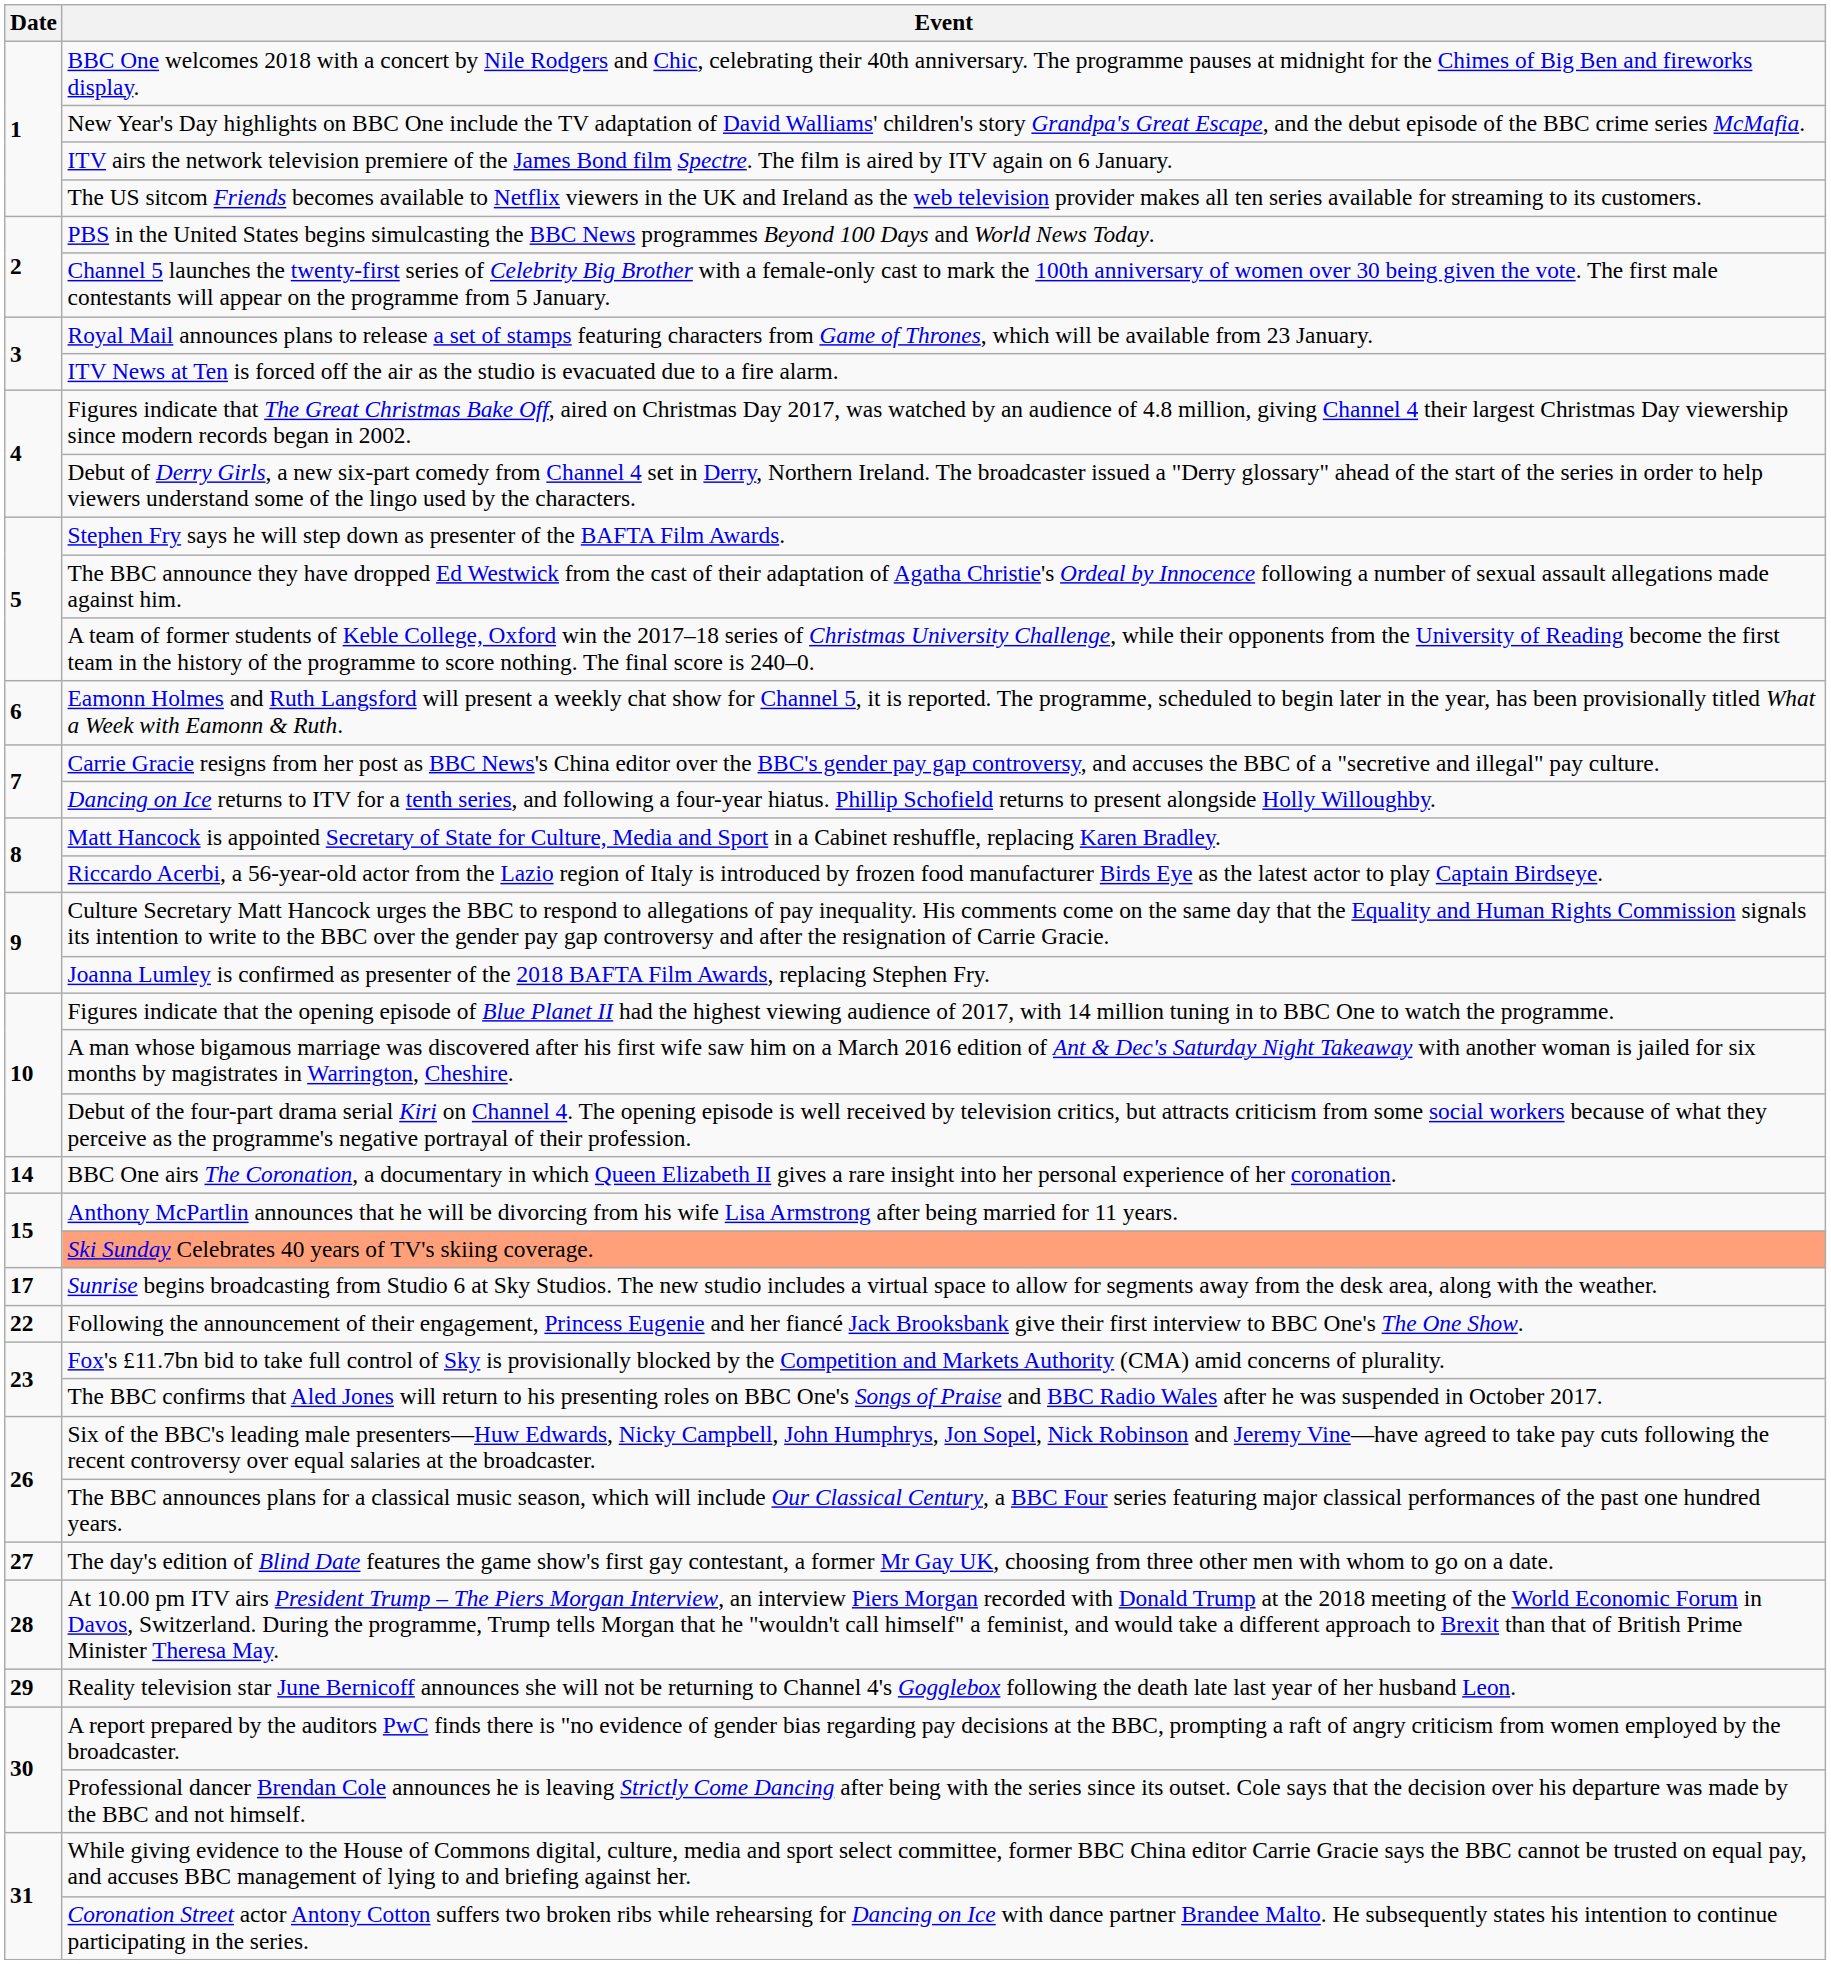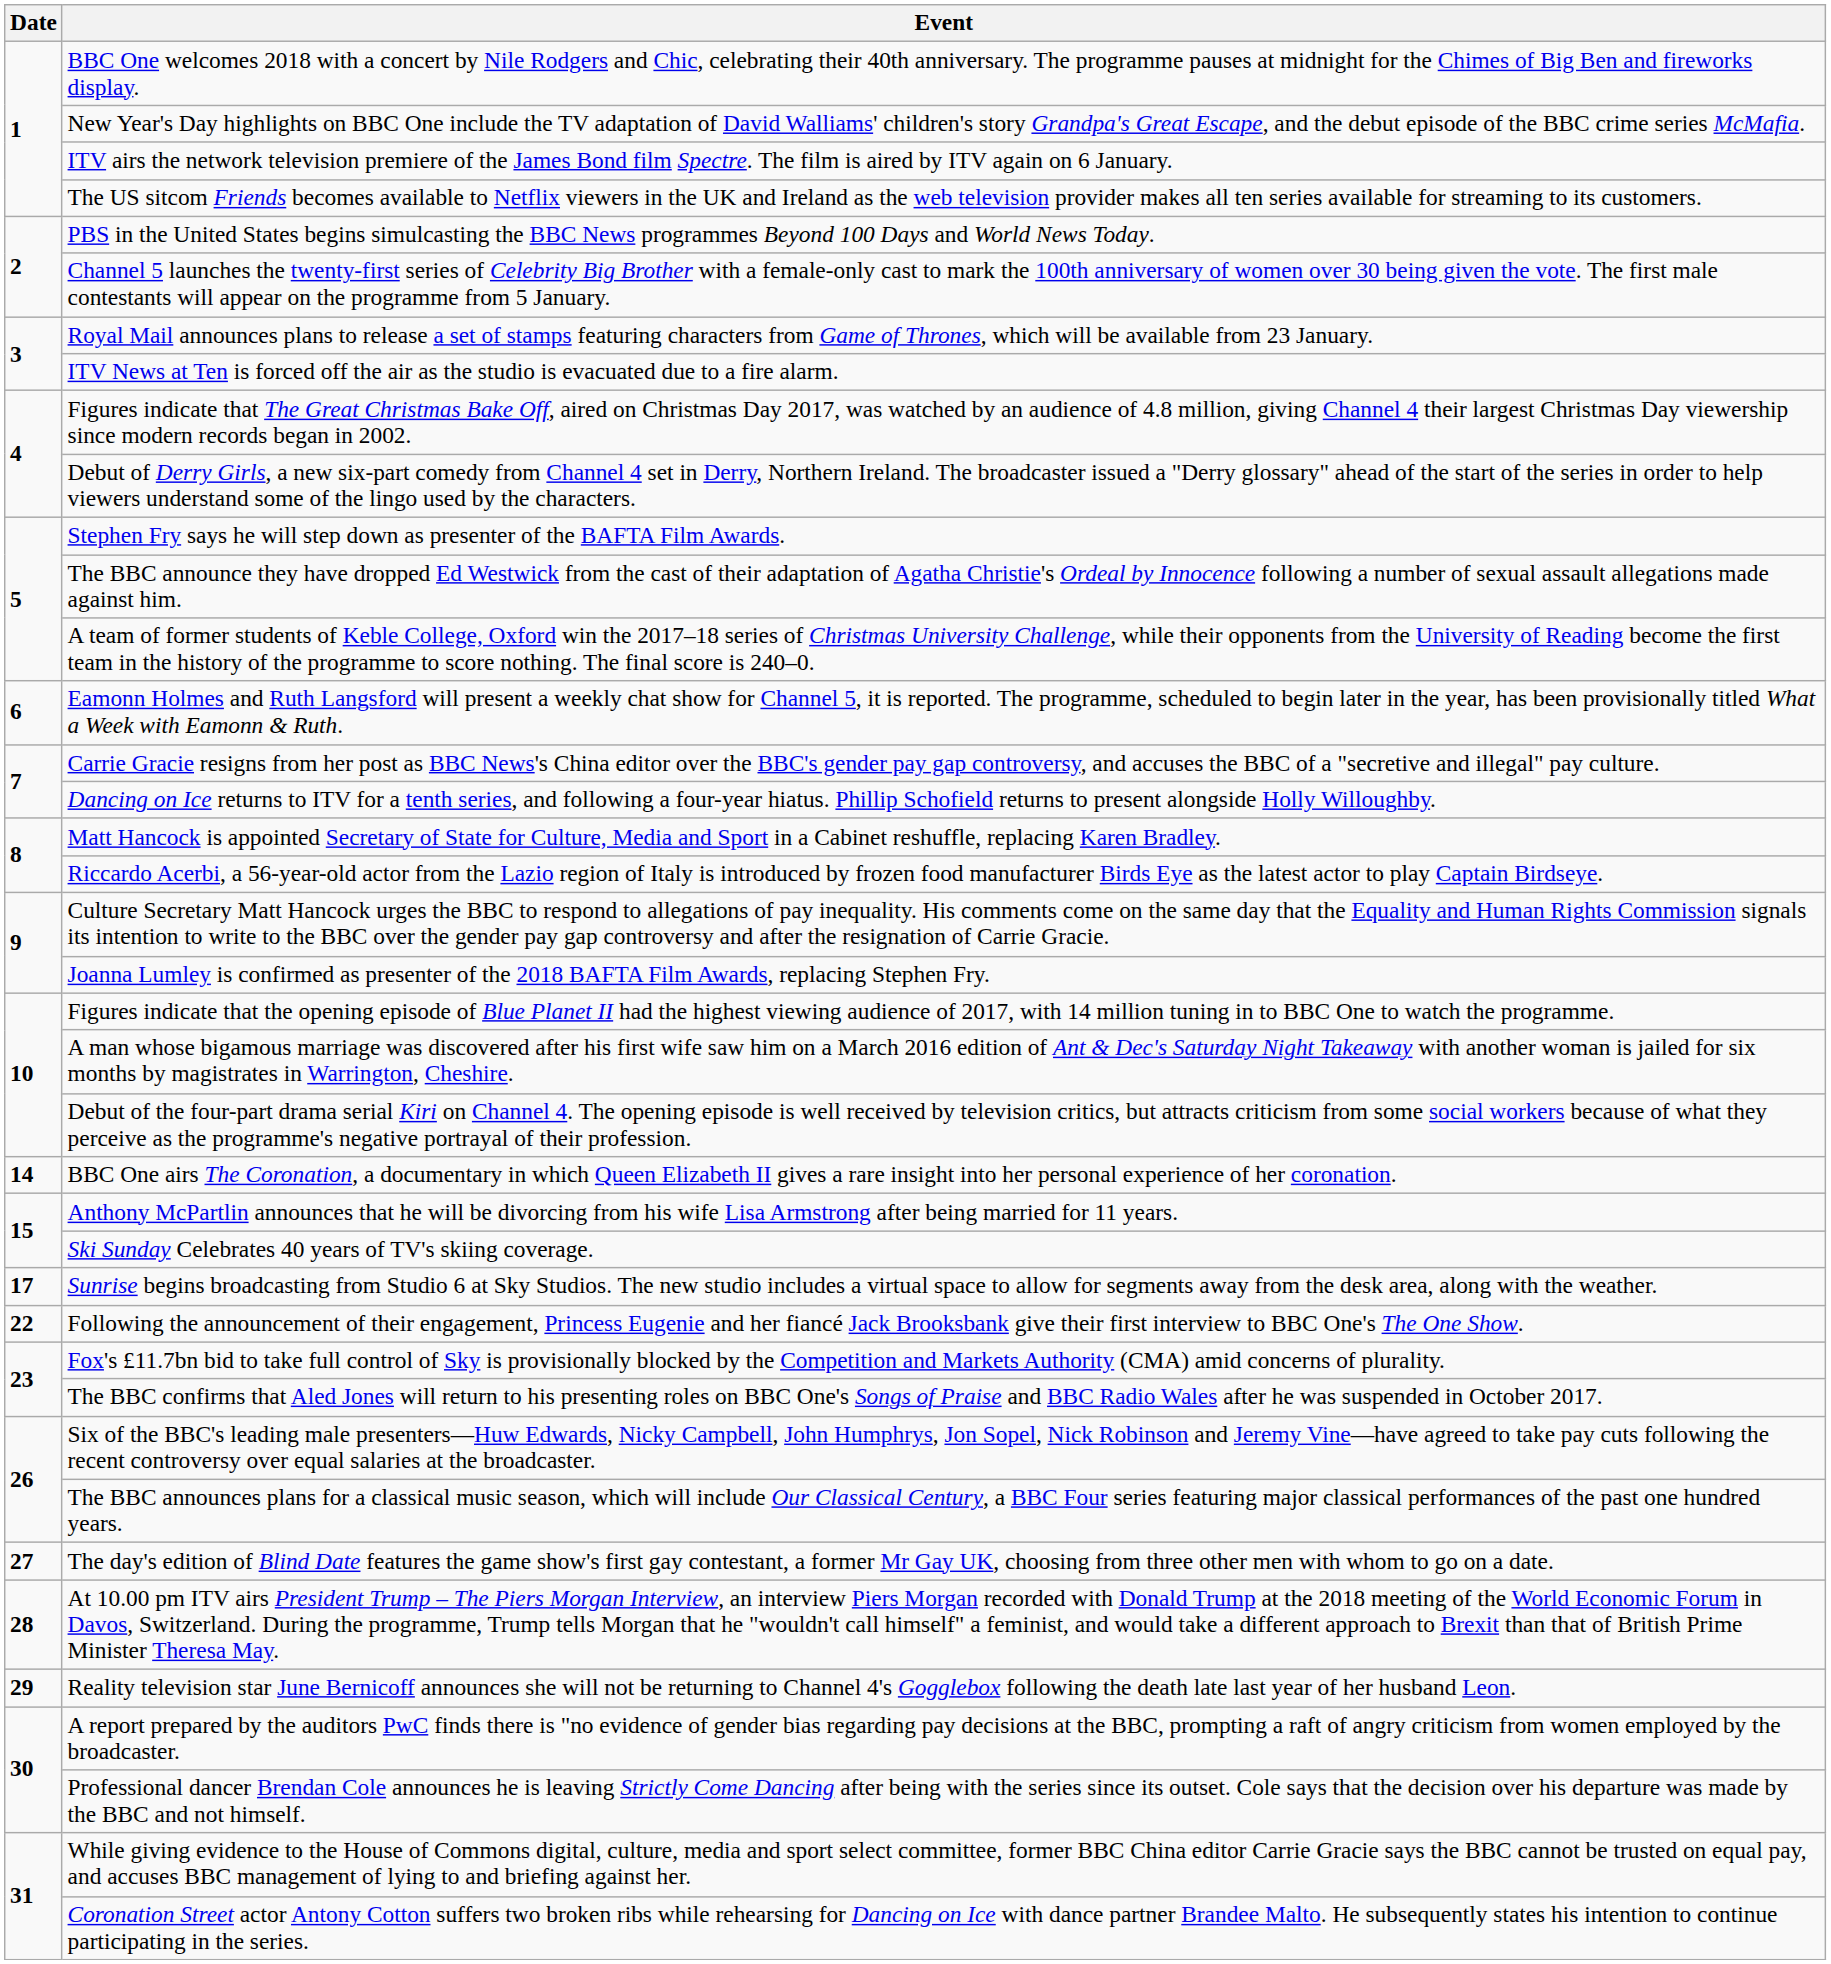 <table class="wikitable">
 <tr>
 <th>Date</th>
 <th>Event</th>
 </tr>
 <tr>
 <td rowspan=4><strong>1</strong></td>
 <td><a href='#'>BBC One</a> welcomes 2018 with a concert by <a href='#'>Nile Rodgers</a> and <a href='#'>Chic</a>, celebrating their 40th anniversary. The programme pauses at midnight for the <a href='#'>Chimes of Big Ben and fireworks display</a>.</td>
 </tr>
 <tr>
 <td>New Year's Day highlights on BBC One include the TV adaptation of <a href='#'>David Walliams</a>' children's story <em><a href='#'>Grandpa's Great Escape</a></em>, and the debut episode of the BBC crime series <em><a href='#'>McMafia</a></em>.</td>
 </tr>
 <tr>
 <td><a href='#'>ITV</a> airs the network television premiere of the <a href='#'>James Bond film</a> <em><a href='#'>Spectre</a></em>. The film is aired by ITV again on 6 January.</td>
 </tr>
 <tr>
 <td>The US sitcom <em><a href='#'>Friends</a></em> becomes available to <a href='#'>Netflix</a> viewers in the UK and Ireland as the <a href='#'>web television</a> provider makes all ten series available for streaming to its customers.</td>
 </tr>
 <tr>
 <td rowspan=2><strong>2</strong></td>
 <td><a href='#'>PBS</a> in the United States begins simulcasting the <a href='#'>BBC News</a> programmes <em>Beyond 100 Days</em> and <em>World News Today</em>.</td>
 </tr>
 <tr>
 <td><a href='#'>Channel 5</a> launches the <a href='#'>twenty-first</a> series of <em><a href='#'>Celebrity Big Brother</a></em> with a female-only cast to mark the <a href='#'>100th anniversary of women over 30 being given the vote</a>. The first male contestants will appear on the programme from 5 January.</td>
 </tr>
 <tr>
 <td rowspan=2><strong>3</strong></td>
 <td><a href='#'>Royal Mail</a> announces plans to release <a href='#'>a set of stamps</a> featuring characters from <em><a href='#'>Game of Thrones</a></em>, which will be available from 23 January.</td>
 </tr>
 <tr>
 <td><a href='#'>ITV News at Ten</a> is forced off the air as the studio is evacuated due to a fire alarm.</td>
 </tr>
 <tr>
 <td rowspan=2><strong>4</strong></td>
 <td>Figures indicate that <em><a href='#'>The Great Christmas Bake Off</a></em>, aired on Christmas Day 2017, was watched by an audience of 4.8 million, giving <a href='#'>Channel 4</a> their largest Christmas Day viewership since modern records began in 2002.</td>
 </tr>
 <tr>
 <td>Debut of <em><a href='#'>Derry Girls</a></em>, a new six-part comedy from <a href='#'>Channel 4</a> set in <a href='#'>Derry</a>, Northern Ireland. The broadcaster issued a "Derry glossary" ahead of the start of the series in order to help viewers understand some of the lingo used by the characters.</td>
 </tr>
 <tr>
 <td rowspan=3><strong>5</strong></td>
 <td><a href='#'>Stephen Fry</a> says he will step down as presenter of the <a href='#'>BAFTA Film Awards</a>.</td>
 </tr>
 <tr>
 <td>The BBC announce they have dropped <a href='#'>Ed Westwick</a> from the cast of their adaptation of <a href='#'>Agatha Christie</a>'s <em><a href='#'>Ordeal by Innocence</a></em> following a number of sexual assault allegations made against him.</td>
 </tr>
 <tr>
 <td>A team of former students of <a href='#'>Keble College, Oxford</a> win the 2017–18 series of <em><a href='#'>Christmas University Challenge</a></em>, while their opponents from the <a href='#'>University of Reading</a> become the first team in the history of the programme to score nothing. The final score is 240–0.</td>
 </tr>
 <tr>
 <td><strong>6</strong></td>
 <td><a href='#'>Eamonn Holmes</a> and <a href='#'>Ruth Langsford</a> will present a weekly chat show for <a href='#'>Channel 5</a>, it is reported. The programme, scheduled to begin later in the year, has been provisionally titled <em>What a Week with Eamonn & Ruth</em>.</td>
 </tr>
 <tr>
 <td rowspan=2><strong>7</strong></td>
 <td><a href='#'>Carrie Gracie</a> resigns from her post as <a href='#'>BBC News</a>'s China editor over the <a href='#'>BBC's gender pay gap controversy</a>, and accuses the BBC of a "secretive and illegal" pay culture.</td>
 </tr>
 <tr>
 <td><em><a href='#'>Dancing on Ice</a></em> returns to ITV for a <a href='#'>tenth series</a>, and following a four-year hiatus. <a href='#'>Phillip Schofield</a> returns to present alongside <a href='#'>Holly Willoughby</a>.</td>
 </tr>
 <tr>
 <td rowspan=2><strong>8</strong></td>
 <td><a href='#'>Matt Hancock</a> is appointed <a href='#'>Secretary of State for Culture, Media and Sport</a> in a Cabinet reshuffle, replacing <a href='#'>Karen Bradley</a>.</td>
 </tr>
 <tr>
 <td><a href='#'>Riccardo Acerbi</a>, a 56-year-old actor from the <a href='#'>Lazio</a> region of Italy is introduced by frozen food manufacturer <a href='#'>Birds Eye</a> as the latest actor to play <a href='#'>Captain Birdseye</a>.</td>
 </tr>
 <tr>
 <td rowspan=2><strong>9</strong></td>
 <td>Culture Secretary Matt Hancock urges the BBC to respond to allegations of pay inequality. His comments come on the same day that the <a href='#'>Equality and Human Rights Commission</a> signals its intention to write to the BBC over the gender pay gap controversy and after the resignation of Carrie Gracie.</td>
 </tr>
 <tr>
 <td><a href='#'>Joanna Lumley</a> is confirmed as presenter of the <a href='#'>2018 BAFTA Film Awards</a>, replacing Stephen Fry.</td>
 </tr>
 <tr>
 <td rowspan=3><strong>10</strong></td>
 <td>Figures indicate that the opening episode of <em><a href='#'>Blue Planet II</a></em> had the highest viewing audience of 2017, with 14 million tuning in to BBC One to watch the programme.</td>
 </tr>
 <tr>
 <td>A man whose bigamous marriage was discovered after his first wife saw him on a March 2016 edition of <em><a href='#'>Ant & Dec's Saturday Night Takeaway</a></em> with another woman is jailed for six months by magistrates in <a href='#'>Warrington</a>, <a href='#'>Cheshire</a>.</td>
 </tr>
 <tr>
 <td>Debut of the four-part drama serial <em><a href='#'>Kiri</a></em> on <a href='#'>Channel 4</a>. The opening episode is well received by television critics, but attracts criticism from some <a href='#'>social workers</a> because of what they perceive as the programme's negative portrayal of their profession.</td>
 </tr>
 <tr>
 <td><strong>14</strong></td>
 <td>BBC One airs <em><a href='#'>The Coronation</a></em>, a documentary in which <a href='#'>Queen Elizabeth II</a> gives a rare insight into her personal experience of her <a href='#'>coronation</a>.</td>
 </tr>
 <tr>
 <td rowspan="2"><strong>15</strong></td>
 <td><a href='#'>Anthony McPartlin</a> announces that he will be divorcing from his wife <a href='#'>Lisa Armstrong</a> after being married for 11 years.</td>
 </tr>
 <tr>
-<td style="background: lightsalmon;"><em><a href='#'>Ski Sunday</a></em> Celebrates 40 years of TV's skiing coverage.</td>
+<td><em><a href='#'>Ski Sunday</a></em> Celebrates 40 years of TV's skiing coverage.</td>
 </tr>
 <tr>
 <td><strong>17</strong></td>
 <td><em><a href='#'>Sunrise</a></em> begins broadcasting from Studio 6 at Sky Studios. The new studio includes a virtual space to allow for segments away from the desk area, along with the weather.</td>
 </tr>
 <tr>
 <td><strong>22</strong></td>
 <td>Following the announcement of their engagement, <a href='#'>Princess Eugenie</a> and her fiancé <a href='#'>Jack Brooksbank</a> give their first interview to BBC One's <em><a href='#'>The One Show</a></em>.</td>
 </tr>
 <tr>
 <td rowspan=2><strong>23</strong></td>
 <td><a href='#'>Fox</a>'s £11.7bn bid to take full control of <a href='#'>Sky</a> is provisionally blocked by the <a href='#'>Competition and Markets Authority</a> (CMA) amid concerns of plurality.</td>
 </tr>
 <tr>
 <td>The BBC confirms that <a href='#'>Aled Jones</a> will return to his presenting roles on BBC One's <em><a href='#'>Songs of Praise</a></em> and <a href='#'>BBC Radio Wales</a> after he was suspended in October 2017.</td>
 </tr>
 <tr>
 <td rowspan=2><strong>26</strong></td>
 <td>Six of the BBC's leading male presenters—<a href='#'>Huw Edwards</a>, <a href='#'>Nicky Campbell</a>, <a href='#'>John Humphrys</a>, <a href='#'>Jon Sopel</a>, <a href='#'>Nick Robinson</a> and <a href='#'>Jeremy Vine</a>—have agreed to take pay cuts following the recent controversy over equal salaries at the broadcaster.</td>
 </tr>
 <tr>
 <td>The BBC announces plans for a classical music season, which will include <em><a href='#'>Our Classical Century</a></em>, a <a href='#'>BBC Four</a> series featuring major classical performances of the past one hundred years.</td>
 </tr>
 <tr>
 <td><strong>27</strong></td>
 <td>The day's edition of <em><a href='#'>Blind Date</a></em> features the game show's first gay contestant, a former <a href='#'>Mr Gay UK</a>, choosing from three other men with whom to go on a date.</td>
 </tr>
 <tr>
 <td><strong>28</strong></td>
 <td>At 10.00 pm ITV airs <em><a href='#'>President Trump – The Piers Morgan Interview</a></em>, an interview <a href='#'>Piers Morgan</a> recorded with <a href='#'>Donald Trump</a> at the 2018 meeting of the <a href='#'>World Economic Forum</a> in <a href='#'>Davos</a>, Switzerland. During the programme, Trump tells Morgan that he "wouldn't call himself" a feminist, and would take a different approach to <a href='#'>Brexit</a> than that of British Prime Minister <a href='#'>Theresa May</a>.</td>
 </tr>
 <tr>
 <td><strong>29</strong></td>
 <td>Reality television star <a href='#'>June Bernicoff</a> announces she will not be returning to Channel 4's <em><a href='#'>Gogglebox</a></em> following the death late last year of her husband <a href='#'>Leon</a>.</td>
 </tr>
 <tr>
 <td rowspan=2><strong>30</strong></td>
 <td>A report prepared by the auditors <a href='#'>PwC</a> finds there is "no evidence of gender bias regarding pay decisions at the BBC, prompting a raft of angry criticism from women employed by the broadcaster.</td>
 </tr>
 <tr>
 <td>Professional dancer <a href='#'>Brendan Cole</a> announces he is leaving <em><a href='#'>Strictly Come Dancing</a></em> after being with the series since its outset. Cole says that the decision over his departure was made by the BBC and not himself.</td>
 </tr>
 <tr>
 <td rowspan=2><strong>31</strong></td>
 <td>While giving evidence to the House of Commons digital, culture, media and sport select committee, former BBC China editor Carrie Gracie says the BBC cannot be trusted on equal pay, and accuses BBC management of lying to and briefing against her.</td>
 </tr>
 <tr>
 <td><em><a href='#'>Coronation Street</a></em> actor <a href='#'>Antony Cotton</a> suffers two broken ribs while rehearsing for <em><a href='#'>Dancing on Ice</a></em> with dance partner <a href='#'>Brandee Malto</a>. He subsequently states his intention to continue participating in the series.</td>
 </tr>
 </table>
